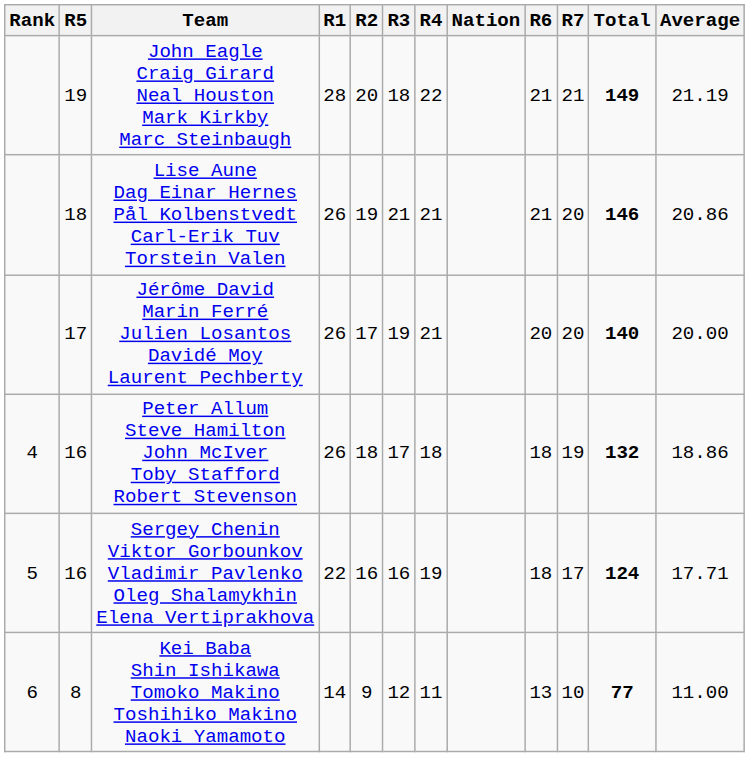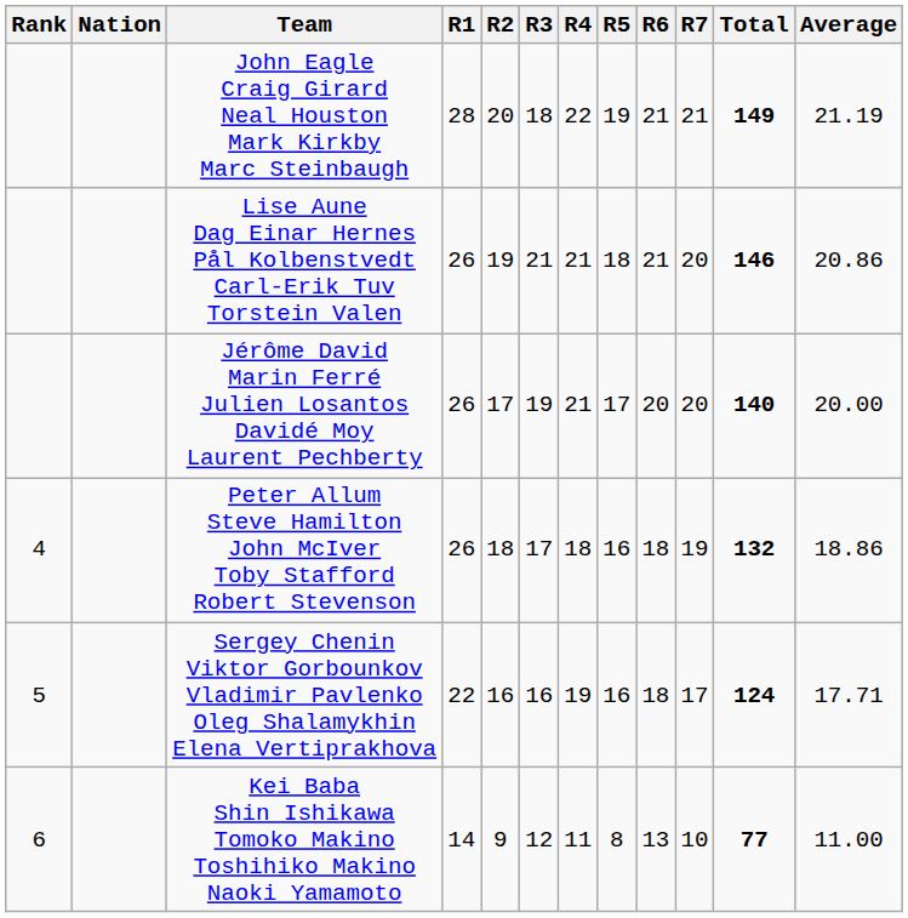 <table class="wikitable sortable" style="text-align:center">
 <tr>
 <th scope=col>Rank</th>
-<th>R5</th>
+<th scope=col>Nation</th>
 <th scope=col>Team</th>
 <th scope=col>R1</th>
 <th scope=col>R2</th>
 <th scope=col>R3</th>
 <th>R4</th>
-<th scope=col>Nation</th>
+<th>R5</th>
 <th>R6</th>
 <th>R7</th>
 <th>Total</th>
 <th>Average</th>
 </tr>
 <tr>
 <td></td>
-<td>19</td>
+<td align=left></td>
 <td><a href='#'>John Eagle</a><br><a href='#'>Craig Girard</a><br><a href='#'>Neal Houston</a><br><a href='#'>Mark Kirkby</a><br><a href='#'>Marc Steinbaugh</a></td>
 <td>28</td>
 <td>20</td>
 <td>18</td>
 <td>22</td>
-<td align=left></td>
+<td>19</td>
 <td>21</td>
 <td>21</td>
 <td><strong>149</strong></td>
 <td>21.19</td>
 </tr>
 <tr>
 <td></td>
-<td>18</td>
+<td align=left></td>
 <td><a href='#'>Lise Aune</a><br><a href='#'>Dag Einar Hernes</a><br><a href='#'>Pål Kolbenstvedt</a><br><a href='#'>Carl-Erik Tuv</a><br><a href='#'>Torstein Valen</a></td>
 <td>26</td>
 <td>19</td>
 <td>21</td>
 <td>21</td>
-<td align=left></td>
+<td>18</td>
 <td>21</td>
 <td>20</td>
 <td><strong>146</strong></td>
 <td>20.86</td>
 </tr>
 <tr>
 <td></td>
-<td>17</td>
+<td align=left></td>
 <td><a href='#'>Jérôme David</a><br><a href='#'>Marin Ferré</a><br><a href='#'>Julien Losantos</a><br><a href='#'>Davidé Moy</a><br><a href='#'>Laurent Pechberty</a></td>
 <td>26</td>
 <td>17</td>
 <td>19</td>
 <td>21</td>
-<td align=left></td>
+<td>17</td>
 <td>20</td>
 <td>20</td>
 <td><strong>140</strong></td>
 <td>20.00</td>
 </tr>
 <tr>
 <td>4</td>
-<td>16</td>
+<td align=left></td>
 <td><a href='#'>Peter Allum</a><br><a href='#'>Steve Hamilton</a><br><a href='#'>John McIver</a><br><a href='#'>Toby Stafford</a><br><a href='#'>Robert Stevenson</a></td>
 <td>26</td>
 <td>18</td>
 <td>17</td>
 <td>18</td>
-<td align=left></td>
+<td>16</td>
 <td>18</td>
 <td>19</td>
 <td><strong>132</strong></td>
 <td>18.86</td>
 </tr>
 <tr>
 <td>5</td>
-<td>16</td>
+<td align=left></td>
 <td><a href='#'>Sergey Chenin</a><br><a href='#'>Viktor Gorbounkov</a><br><a href='#'>Vladimir Pavlenko</a><br><a href='#'>Oleg Shalamykhin</a><br><a href='#'>Elena Vertiprakhova</a></td>
 <td>22</td>
 <td>16</td>
 <td>16</td>
 <td>19</td>
-<td align=left></td>
+<td>16</td>
 <td>18</td>
 <td>17</td>
 <td><strong>124</strong></td>
 <td>17.71</td>
 </tr>
 <tr>
 <td>6</td>
-<td>8</td>
+<td align=left></td>
 <td><a href='#'>Kei Baba</a><br><a href='#'>Shin Ishikawa</a><br><a href='#'>Tomoko Makino</a><br><a href='#'>Toshihiko Makino</a><br><a href='#'>Naoki Yamamoto</a></td>
 <td>14</td>
 <td>9</td>
 <td>12</td>
 <td>11</td>
-<td align=left></td>
+<td>8</td>
 <td>13</td>
 <td>10</td>
 <td><strong>77</strong></td>
 <td>11.00</td>
 </tr>
 </table>
